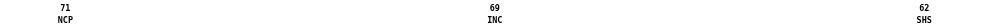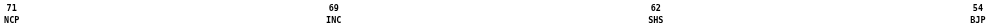 <table style="width:100%; text-align:center;">
 <tr>
 <td style="background:"><strong>71</strong></td>
 <td style="background:"><strong>69</strong></td>
 <td style="background:"><strong>62</strong></td>
+<td style="background:"><strong>54</strong></td>
 </tr>
 <tr>
 <td><span><strong>NCP</strong></span></td>
 <td><span><strong>INC</strong></span></td>
 <td><span><strong>SHS</strong></span></td>
+<td><span><strong>BJP</strong></span></td>
 </tr>
 </table>
